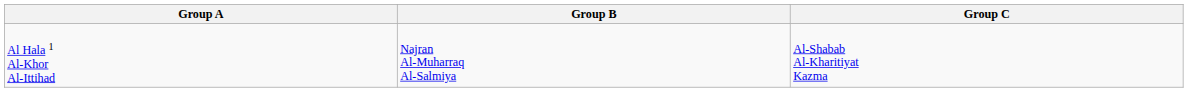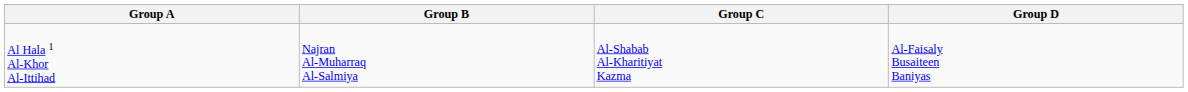 <table class="wikitable" width=98%>
 <tr>
 <th width=20%>Group A</th>
 <th width=20%>Group B</th>
 <th width=20%>Group C</th>
+<th width=20%>Group D</th>
 </tr>
 <tr>
 <td><br> <a href='#'>Al Hala</a> <sup>1</sup> <br>  <a href='#'>Al-Khor</a> <br>  <a href='#'>Al-Ittihad</a> <br></td>
 <td><br> <a href='#'>Najran</a> <br>  <a href='#'>Al-Muharraq</a> <br>  <a href='#'>Al-Salmiya</a> <br></td>
 <td><br> <a href='#'>Al-Shabab</a> <br>  <a href='#'>Al-Kharitiyat</a> <br>  <a href='#'>Kazma</a> <br></td>
+<td><br> <a href='#'>Al-Faisaly</a> <br>  <a href='#'>Busaiteen</a> <br>  <a href='#'>Baniyas</a> <br></td>
 </tr>
 </table>
